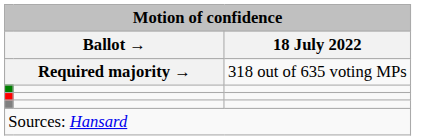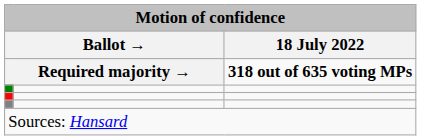 <table class="wikitable" style="text-align:center; font-size:98%;">
 <tr>
 <td colspan="3"  style="text-align:center; background:silver;"><strong>Motion of confidence</strong></td>
 </tr>
 <tr>
 <th colspan="2" style="width:200px;">Ballot →</th>
 <th>18 July 2022</th>
 </tr>
 <tr>
 <th colspan="2">Required majority →</th>
-<td>318 out of 635 voting MPs </td>
+<td><strong>318 out of 635 voting MPs </strong></td>
 </tr>
 <tr>
 <th style="width:1px; background:green;"></th>
 <td style="text-align:left;"></td>
 <td></td>
 </tr>
 <tr>
 <th style="width:1px; background:red;"></th>
 <td style="text-align:left;"></td>
 <td></td>
 </tr>
 <tr>
 <th style="width:1px; background:gray;"></th>
 <td style="text-align:left;"></td>
 <td></td>
 </tr>
 <tr>
 <td colspan="3" style="text-align:left;">Sources: <em><a href='#'>Hansard</a></em></td>
 </tr>
 </table>
